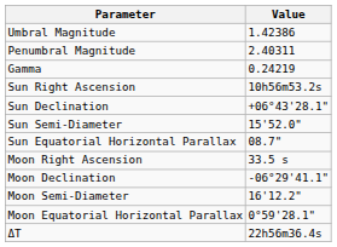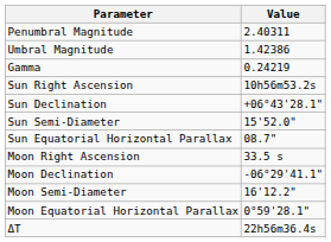 <table class="wikitable">
 <tr>
 <th>Parameter</th>
 <th>Value</th>
 </tr>
 <tr>
+<td>Penumbral Magnitude</td>
+<td>2.40311</td>
+</tr>
+<tr>
 <td>Umbral Magnitude</td>
 <td>1.42386</td>
-</tr>
-<tr>
-<td>Penumbral Magnitude</td>
-<td>2.40311</td>
 </tr>
 <tr>
 <td>Gamma</td>
 <td>0.24219</td>
 </tr>
 <tr>
 <td>Sun Right Ascension</td>
 <td>10h56m53.2s</td>
 </tr>
 <tr>
 <td>Sun Declination</td>
 <td>+06°43'28.1"</td>
 </tr>
 <tr>
 <td>Sun Semi-Diameter</td>
 <td>15'52.0"</td>
 </tr>
 <tr>
 <td>Sun Equatorial Horizontal Parallax</td>
 <td>08.7"</td>
 </tr>
 <tr>
 <td>Moon Right Ascension</td>
 <td>33.5 s</td>
 </tr>
 <tr>
 <td>Moon Declination</td>
 <td>-06°29'41.1"</td>
 </tr>
 <tr>
 <td>Moon Semi-Diameter</td>
 <td>16'12.2"</td>
 </tr>
 <tr>
 <td>Moon Equatorial Horizontal Parallax</td>
 <td>0°59'28.1"</td>
 </tr>
 <tr>
 <td>ΔT</td>
 <td>22h56m36.4s</td>
 </tr>
 </table>
